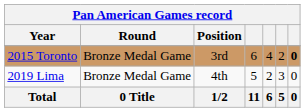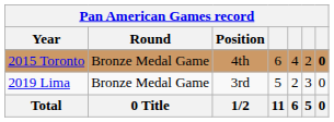 <table class="wikitable" style="text-align: center;">
 <tr>
 <th colspan=10><a href='#'>Pan American Games record</a></th>
 </tr>
 <tr>
 <th>Year</th>
 <th>Round</th>
 <th>Position</th>
 <th></th>
 <th></th>
 <th></th>
 <th></th>
 </tr>
 <tr>
 </tr>
 <tr bgcolor=cc9966>
 <td align=left> <a href='#'>2015 Toronto</a></td>
 <td>Bronze Medal Game</td>
-<td>3rd</td>
+<td>4th</td>
 <td>6</td>
 <td>4</td>
 <td>2</td>
 <td><strong>0</strong></td>
 </tr>
 <tr>
 <td align=left> <a href='#'>2019 Lima</a></td>
 <td>Bronze Medal Game</td>
-<td>4th</td>
+<td>3rd</td>
 <td>5</td>
 <td>2</td>
 <td>3</td>
 <td>0</td>
 </tr>
 <tr>
 <th>Total</th>
 <th>0 Title</th>
 <th>1/2</th>
 <th>11</th>
 <th>6</th>
 <th>5</th>
 <th>0</th>
 </tr>
 </table>
